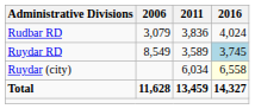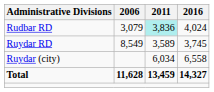 <table class="wikitable">
 <tr>
 <th>Administrative Divisions</th>
 <th>2006</th>
 <th>2011</th>
 <th>2016</th>
 </tr>
 <tr>
 <td><a href='#'>Rudbar RD</a></td>
 <td style="text-align: right;">3,079</td>
-<td style="text-align: right;">3,836</td>
+<td style="background: paleturquoise; text-align: right;">3,836</td>
 <td style="text-align: right;">4,024</td>
 </tr>
 <tr>
 <td><a href='#'>Ruydar RD</a></td>
 <td style="text-align: right;">8,549</td>
 <td style="text-align: right;">3,589</td>
-<td style="background: lightblue; text-align: right;">3,745</td>
+<td style="text-align: right;">3,745</td>
 </tr>
 <tr>
 <td><a href='#'>Ruydar</a> (city)</td>
 <td style="text-align: right;"></td>
 <td style="text-align: right;">6,034</td>
-<td style="background: lightyellow; text-align: right;">6,558</td>
+<td style="text-align: right;">6,558</td>
 </tr>
 <tr>
 <td><strong>Total</strong></td>
 <td style="text-align: right;"><strong>11,628</strong></td>
 <td style="text-align: right;"><strong>13,459</strong></td>
 <td style="text-align: right;"><strong>14,327</strong></td>
 </tr>
 <tr>
 <td colspan=4></td>
 </tr>
 </table>
